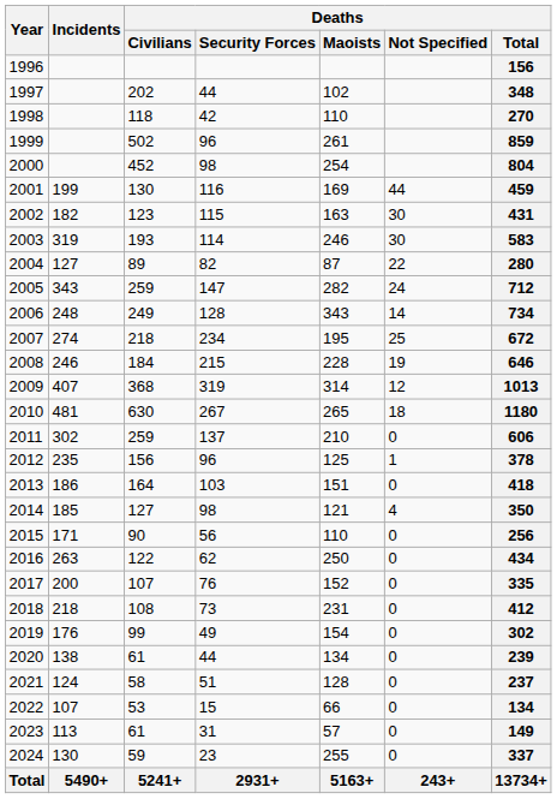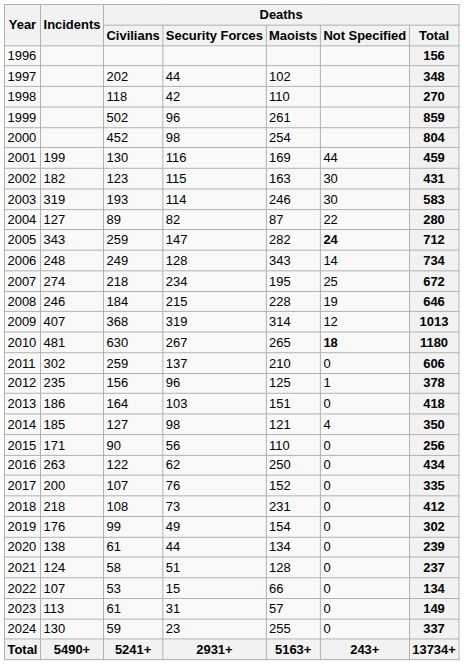 <table class="wikitable sortable defaultcenter" style="font-size: 90%">
 <tr>
 <th rowspan="2">Year</th>
 <th rowspan="2">Incidents</th>
 <th colspan="5">Deaths</th>
 </tr>
 <tr>
 <th>Civilians</th>
 <th>Security Forces</th>
 <th>Maoists</th>
 <th>Not Specified</th>
 <th>Total</th>
 </tr>
 <tr>
 <td>1996</td>
 <td></td>
 <td></td>
 <td></td>
 <td></td>
 <td></td>
 <th>156</th>
 </tr>
 <tr>
 <td>1997</td>
 <td></td>
 <td>202</td>
 <td>44</td>
 <td>102</td>
 <td></td>
 <th>348</th>
 </tr>
 <tr>
 <td>1998</td>
 <td></td>
 <td>118</td>
 <td>42</td>
 <td>110</td>
 <td></td>
 <th>270</th>
 </tr>
 <tr>
 <td>1999</td>
 <td></td>
 <td>502</td>
 <td>96</td>
 <td>261</td>
 <td></td>
 <th>859</th>
 </tr>
 <tr>
 <td>2000</td>
 <td></td>
 <td>452</td>
 <td>98</td>
 <td>254</td>
 <td></td>
 <th>804</th>
 </tr>
 <tr>
 <td>2001</td>
 <td>199</td>
 <td>130</td>
 <td>116</td>
 <td>169</td>
 <td>44</td>
 <th>459</th>
 </tr>
 <tr>
 <td>2002</td>
 <td>182</td>
 <td>123</td>
 <td>115</td>
 <td>163</td>
 <td>30</td>
 <th>431</th>
 </tr>
 <tr>
 <td>2003</td>
 <td>319</td>
 <td>193</td>
 <td>114</td>
 <td>246</td>
 <td>30</td>
 <th>583</th>
 </tr>
 <tr>
 <td>2004</td>
 <td>127</td>
 <td>89</td>
 <td>82</td>
 <td>87</td>
 <td>22</td>
 <th>280</th>
 </tr>
 <tr>
 <td>2005</td>
 <td>343</td>
 <td>259</td>
 <td>147</td>
 <td>282</td>
-<td>24</td>
+<td><strong>24</strong></td>
 <th>712</th>
 </tr>
 <tr>
 <td>2006</td>
 <td>248</td>
 <td>249</td>
 <td>128</td>
 <td>343</td>
 <td>14</td>
 <th>734</th>
 </tr>
 <tr>
 <td>2007</td>
 <td>274</td>
 <td>218</td>
 <td>234</td>
 <td>195</td>
 <td>25</td>
 <th>672</th>
 </tr>
 <tr>
 <td>2008</td>
 <td>246</td>
 <td>184</td>
 <td>215</td>
 <td>228</td>
 <td>19</td>
 <th>646</th>
 </tr>
 <tr>
 <td>2009</td>
 <td>407</td>
 <td>368</td>
 <td>319</td>
 <td>314</td>
 <td>12</td>
 <th>1013</th>
 </tr>
 <tr>
 <td>2010</td>
 <td>481</td>
 <td>630</td>
 <td>267</td>
 <td>265</td>
-<td>18</td>
+<td><strong>18</strong></td>
 <th>1180</th>
 </tr>
 <tr>
 <td>2011</td>
 <td>302</td>
 <td>259</td>
 <td>137</td>
 <td>210</td>
 <td>0</td>
 <th>606</th>
 </tr>
 <tr>
 <td>2012</td>
 <td>235</td>
 <td>156</td>
 <td>96</td>
 <td>125</td>
 <td>1</td>
 <th>378</th>
 </tr>
 <tr>
 <td>2013</td>
 <td>186</td>
 <td>164</td>
 <td>103</td>
 <td>151</td>
 <td>0</td>
 <th>418</th>
 </tr>
 <tr>
 <td>2014</td>
 <td>185</td>
 <td>127</td>
 <td>98</td>
 <td>121</td>
 <td>4</td>
 <th>350</th>
 </tr>
 <tr>
 <td>2015</td>
 <td>171</td>
 <td>90</td>
 <td>56</td>
 <td>110</td>
 <td>0</td>
 <th>256</th>
 </tr>
 <tr>
 <td>2016</td>
 <td>263</td>
 <td>122</td>
 <td>62</td>
 <td>250</td>
 <td>0</td>
 <th>434</th>
 </tr>
 <tr>
 <td>2017</td>
 <td>200</td>
 <td>107</td>
 <td>76</td>
 <td>152</td>
 <td>0</td>
 <th>335</th>
 </tr>
 <tr>
 <td>2018</td>
 <td>218</td>
 <td>108</td>
 <td>73</td>
 <td>231</td>
 <td>0</td>
 <th>412</th>
 </tr>
 <tr>
 <td>2019</td>
 <td>176</td>
 <td>99</td>
 <td>49</td>
 <td>154</td>
 <td>0</td>
 <th>302</th>
 </tr>
 <tr>
 <td>2020</td>
 <td>138</td>
 <td>61</td>
 <td>44</td>
 <td>134</td>
 <td>0</td>
 <th>239</th>
 </tr>
 <tr>
 <td>2021</td>
 <td>124</td>
 <td>58</td>
 <td>51</td>
 <td>128</td>
 <td>0</td>
 <th>237</th>
 </tr>
 <tr>
 <td>2022</td>
 <td>107</td>
 <td>53</td>
 <td>15</td>
 <td>66</td>
 <td>0</td>
 <th>134</th>
 </tr>
 <tr>
 <td>2023</td>
 <td>113</td>
 <td>61</td>
 <td>31</td>
 <td>57</td>
 <td>0</td>
 <th>149</th>
 </tr>
 <tr>
 <td>2024</td>
 <td>130</td>
 <td>59</td>
 <td>23</td>
 <td>255</td>
 <td>0</td>
 <th>337</th>
 </tr>
 <tr>
 <th>Total</th>
 <th>5490+</th>
 <th>5241+</th>
 <th>2931+</th>
 <th>5163+</th>
 <th>243+</th>
 <th>13734+</th>
 </tr>
 </table>
